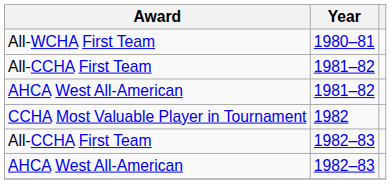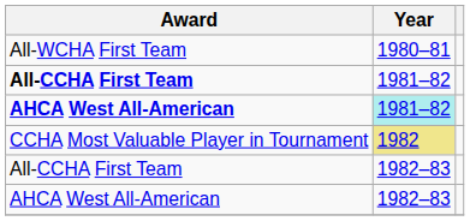 <table class="wikitable">
 <tr>
 <th>Award</th>
 <th>Year</th>
 <th></th>
 </tr>
 <tr>
 <td>All-<a href='#'>WCHA</a> <a href='#'>First Team</a></td>
 <td><a href='#'>1980–81</a></td>
 <td></td>
 </tr>
 <tr>
-<td>All-<a href='#'>CCHA</a> <a href='#'>First Team</a></td>
+<td><strong>All-<a href='#'>CCHA</a> <a href='#'>First Team</a></strong></td>
 <td><a href='#'>1981–82</a></td>
 <td></td>
 </tr>
 <tr>
-<td><a href='#'>AHCA</a> <a href='#'>West All-American</a></td>
-<td><a href='#'>1981–82</a></td>
+<td><strong><a href='#'>AHCA</a> <a href='#'>West All-American</a></strong></td>
+<td style="background: paleturquoise;"><a href='#'>1981–82</a></td>
 <td></td>
 </tr>
 <tr>
 <td><a href='#'>CCHA</a> <a href='#'>Most Valuable Player in Tournament</a></td>
-<td><a href='#'>1982</a></td>
+<td style="background: khaki;"><a href='#'>1982</a></td>
 <td></td>
 </tr>
 <tr>
 <td>All-<a href='#'>CCHA</a> <a href='#'>First Team</a></td>
 <td><a href='#'>1982–83</a></td>
 <td></td>
 </tr>
 <tr>
 <td><a href='#'>AHCA</a> <a href='#'>West All-American</a></td>
 <td><a href='#'>1982–83</a></td>
 <td></td>
 </tr>
 <tr>
 </tr>
 </table>
